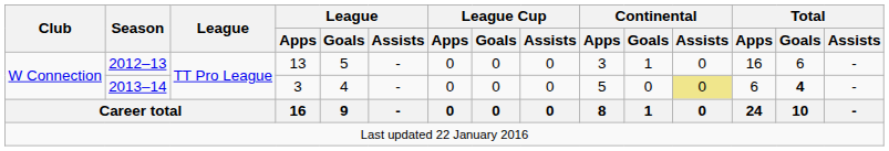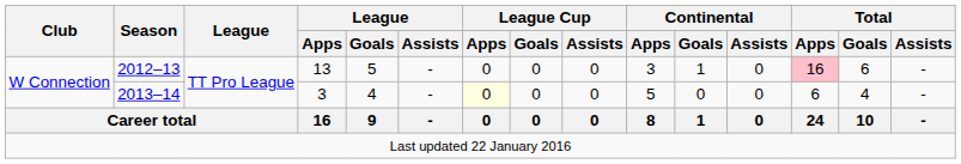 <table class="wikitable" style="text-align: center;">
 <tr>
 <th rowspan="2">Club</th>
 <th rowspan="2">Season</th>
 <th rowspan="2">League</th>
 <th colspan="3">League</th>
 <th colspan="3">League Cup</th>
 <th colspan="3">Continental</th>
 <th colspan="3">Total</th>
 </tr>
 <tr>
 <th>Apps</th>
 <th>Goals</th>
 <th>Assists</th>
 <th>Apps</th>
 <th>Goals</th>
 <th>Assists</th>
 <th>Apps</th>
 <th>Goals</th>
 <th>Assists</th>
 <th>Apps</th>
 <th>Goals</th>
 <th>Assists</th>
 </tr>
 <tr>
 <td rowspan="2" valign="center"><a href='#'>W Connection</a></td>
 <td><a href='#'>2012–13</a></td>
 <td rowspan="2" valign="center"><a href='#'>TT Pro League</a></td>
 <td>13</td>
 <td>5</td>
 <td>-</td>
 <td colspan="1">0</td>
 <td>0</td>
 <td>0</td>
 <td>3</td>
 <td>1</td>
 <td>0</td>
-<td>16</td>
+<td style="background: pink;">16</td>
 <td>6</td>
 <td>-</td>
 </tr>
 <tr>
 <td><a href='#'>2013–14</a></td>
 <td>3</td>
 <td>4</td>
 <td>-</td>
-<td colspan="1">0</td>
+<td colspan="1" style="background: lightyellow;">0</td>
 <td>0</td>
 <td>0</td>
 <td>5</td>
 <td>0</td>
-<td style="background: khaki;">0</td>
+<td>0</td>
 <td>6</td>
-<td><strong>4</strong></td>
+<td>4</td>
 <td>-</td>
 </tr>
 <tr>
 <th colspan="3">Career total</th>
 <th>16</th>
 <th>9</th>
 <th>-</th>
 <th>0</th>
 <th>0</th>
 <th>0</th>
 <th>8</th>
 <th>1</th>
 <th>0</th>
 <th>24</th>
 <th>10</th>
 <th>-</th>
 </tr>
 <tr>
 <td colspan="15"><small>Last updated 22 January 2016</small></td>
 </tr>
 </table>
